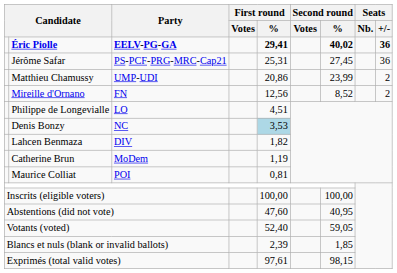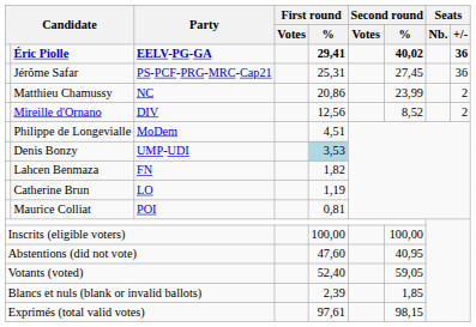 <table class="wikitable centre">
 <tr>
 <th scope="col" rowspan=2 colspan=2>Candidate</th>
 <th scope="col" rowspan=2 colspan=1>Party</th>
 <th scope="col" colspan=2>First round</th>
 <th scope="col" colspan=2>Second round</th>
 <th scope="col" colspan=2>Seats</th>
 </tr>
 <tr>
 <th scope="col">Votes</th>
 <th scope="col">%</th>
 <th scope="col">Votes</th>
 <th scope="col">%</th>
 <th scope="col">Nb.</th>
 <th scope="col">+/-</th>
 </tr>
 <tr>
 <td style="color:inherit;background:"></td>
 <td><strong><a href='#'>Éric Piolle</a></strong></td>
 <td><strong><a href='#'>EELV</a>-<a href='#'>PG</a>-<a href='#'>GA</a></strong></td>
 <td style="text-align: right"><strong></strong></td>
 <td style="text-align: right"><strong>29,41</strong></td>
 <td style="text-align: right"><strong></strong></td>
 <td style="text-align: right"><strong>40,02</strong></td>
 <td style="text-align: right"><strong></strong></td>
 <td style="text-align: right"><strong> 36</strong></td>
 </tr>
 <tr>
 <td style="color:inherit;background:"></td>
 <td>Jérôme Safar</td>
 <td><a href='#'>PS</a>-<a href='#'>PCF</a>-<a href='#'>PRG</a>-<a href='#'>MRC</a>-<a href='#'>Cap21</a></td>
 <td style="text-align: right"></td>
 <td style="text-align: right">25,31</td>
 <td style="text-align: right"></td>
 <td style="text-align: right">27,45</td>
 <td style="text-align: right"></td>
 <td style="text-align: right"> 36</td>
 </tr>
 <tr>
 <td style="color:inherit;background:"></td>
 <td>Matthieu Chamussy</td>
-<td><a href='#'>UMP</a>-<a href='#'>UDI</a></td>
+<td><a href='#'>NC</a></td>
 <td style="text-align: right"></td>
 <td style="text-align: right">20,86</td>
 <td style="text-align: right"></td>
 <td style="text-align: right">23,99</td>
 <td style="text-align: right"></td>
 <td style="text-align: right"> 2</td>
 </tr>
 <tr>
 <td style="color:inherit;background:"></td>
 <td><a href='#'>Mireille d'Ornano</a></td>
-<td><a href='#'>FN</a></td>
+<td><a href='#'>DIV</a></td>
 <td style="text-align: right"></td>
 <td style="text-align: right">12,56</td>
 <td style="text-align: right"></td>
 <td style="text-align: right">8,52</td>
 <td style="text-align: right"></td>
 <td style="text-align: right"> 2</td>
 </tr>
 <tr>
 <td style="color:inherit;background:"></td>
 <td>Philippe de Longevialle</td>
-<td><a href='#'>LO</a></td>
+<td><a href='#'>MoDem</a></td>
 <td style="text-align: right"></td>
 <td style="text-align: right">4,51</td>
 <td colspan=9 rowspan=5></td>
 </tr>
 <tr>
 <td style="color:inherit;background:"></td>
 <td>Denis Bonzy</td>
-<td><a href='#'>NC</a></td>
+<td><a href='#'>UMP</a>-<a href='#'>UDI</a></td>
 <td style="text-align: right"></td>
 <td style="background: lightblue; text-align: right">3,53</td>
 </tr>
 <tr>
 <td style="color:inherit;background:"></td>
 <td>Lahcen Benmaza</td>
-<td><a href='#'>DIV</a></td>
+<td><a href='#'>FN</a></td>
 <td style="text-align: right"></td>
 <td style="text-align: right">1,82</td>
 </tr>
 <tr>
 <td style="color:inherit;background:"></td>
 <td>Catherine Brun</td>
-<td><a href='#'>MoDem</a></td>
+<td><a href='#'>LO</a></td>
 <td style="text-align: right"></td>
 <td style="text-align: right">1,19</td>
 </tr>
 <tr>
 <td style="color:inherit;background:"></td>
 <td>Maurice Colliat</td>
 <td><a href='#'>POI</a></td>
 <td style="text-align: right"></td>
 <td style="text-align: right">0,81</td>
 </tr>
 <tr bgcolor=white>
 <td colspan=7></td>
 </tr>
 <tr>
 <td colspan=3>Inscrits (eligible voters)</td>
 <td style="text-align: right"></td>
 <td style="text-align: right">100,00</td>
 <td style="text-align: right"></td>
 <td style="text-align: right">100,00</td>
 </tr>
 <tr>
 <td colspan=3>Abstentions (did not vote)</td>
 <td style="text-align: right"></td>
 <td style="text-align: right">47,60</td>
 <td style="text-align: right"></td>
 <td style="text-align: right">40,95</td>
 </tr>
 <tr>
 <td colspan=3>Votants (voted)</td>
 <td style="text-align: right"></td>
 <td style="text-align: right">52,40</td>
 <td style="text-align: right"></td>
 <td style="text-align: right">59,05</td>
 </tr>
 <tr>
 <td colspan=3>Blancs et nuls (blank or invalid ballots)</td>
 <td style="text-align: right"></td>
 <td style="text-align: right">2,39</td>
 <td style="text-align: right"></td>
 <td style="text-align: right">1,85</td>
 </tr>
 <tr>
 <td colspan=3>Exprimés (total valid votes)</td>
 <td style="text-align: right"></td>
 <td style="text-align: right">97,61</td>
 <td style="text-align: right"></td>
 <td style="text-align: right">98,15</td>
 </tr>
 </table>
